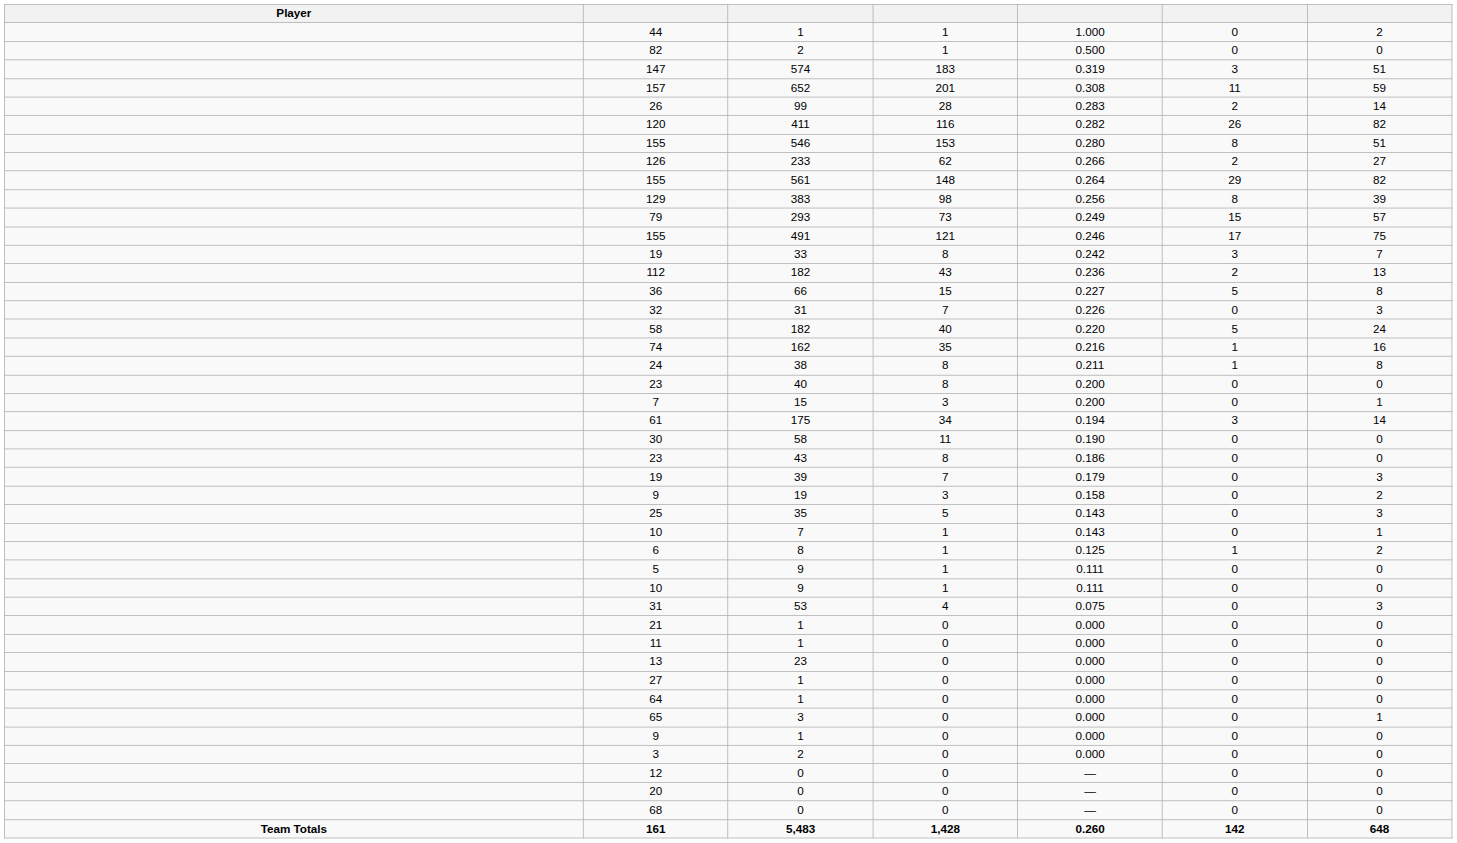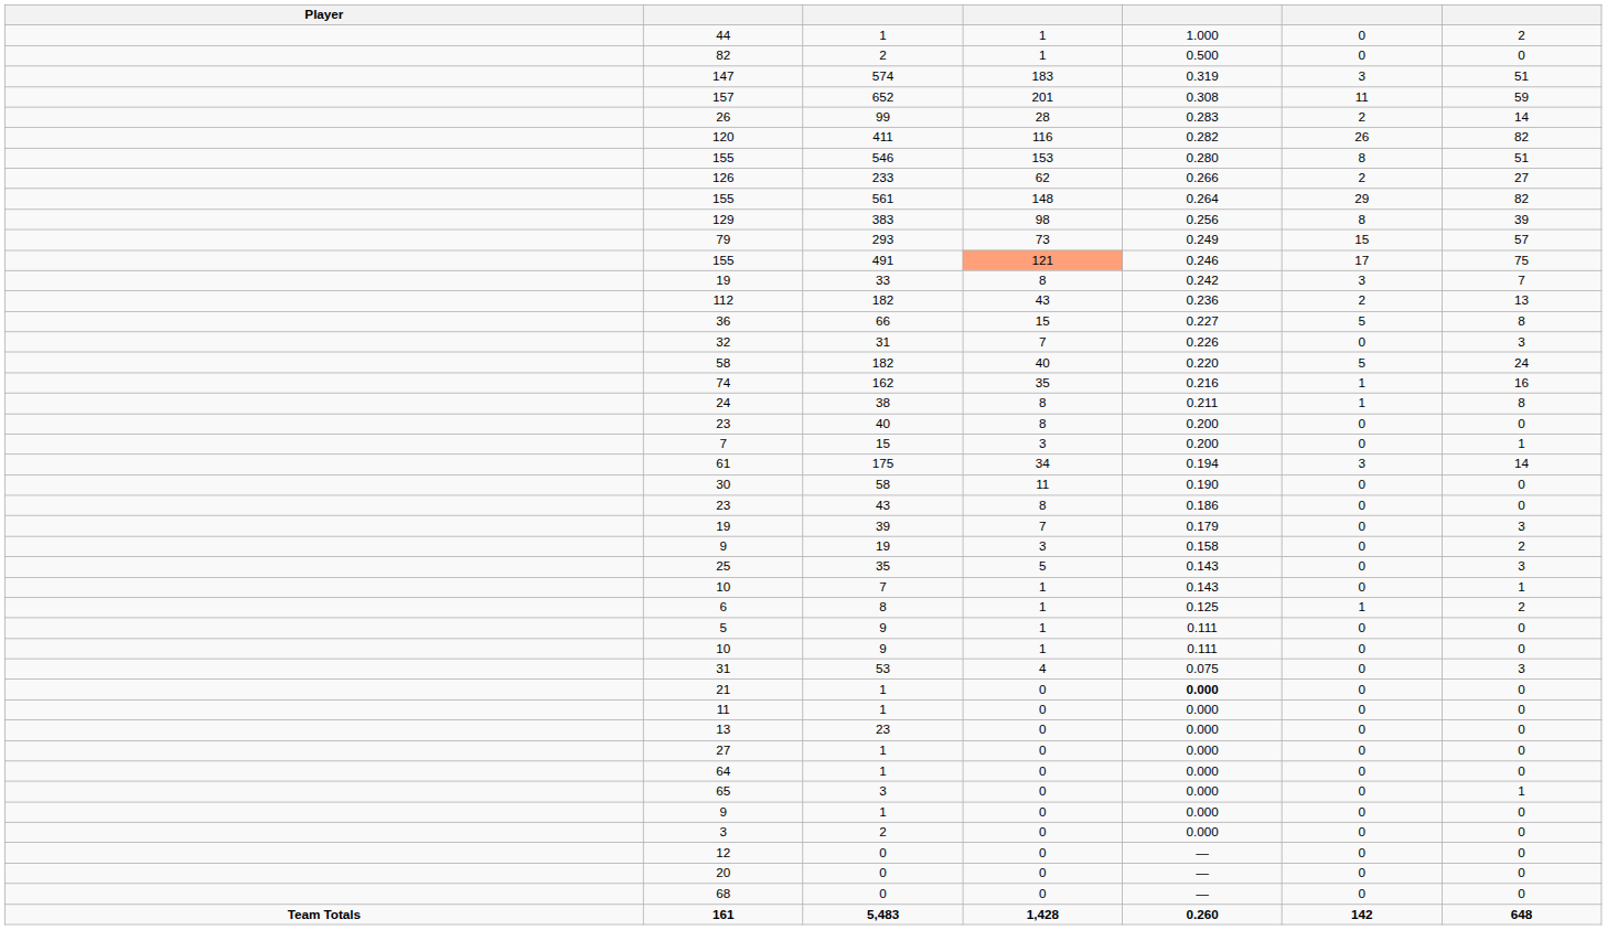 <table class="wikitable sortable" style="text-align:center;" width="100%">
 <tr>
 <th width="40%">Player</th>
 <th width="10%"></th>
 <th width="10%"></th>
 <th width="10%"></th>
 <th width="10%"></th>
 <th width="10%"></th>
 <th width="10%"></th>
 </tr>
 <tr>
 <td></td>
 <td>44</td>
 <td>1</td>
 <td>1</td>
 <td>1.000</td>
 <td>0</td>
 <td>2</td>
 </tr>
 <tr>
 <td></td>
 <td>82</td>
 <td>2</td>
 <td>1</td>
 <td>0.500</td>
 <td>0</td>
 <td>0</td>
 </tr>
 <tr>
 <td></td>
 <td>147</td>
 <td>574</td>
 <td>183</td>
 <td>0.319</td>
 <td>3</td>
 <td>51</td>
 </tr>
 <tr>
 <td></td>
 <td>157</td>
 <td>652</td>
 <td>201</td>
 <td>0.308</td>
 <td>11</td>
 <td>59</td>
 </tr>
 <tr>
 <td></td>
 <td>26</td>
 <td>99</td>
 <td>28</td>
 <td>0.283</td>
 <td>2</td>
 <td>14</td>
 </tr>
 <tr>
 <td></td>
 <td>120</td>
 <td>411</td>
 <td>116</td>
 <td>0.282</td>
 <td>26</td>
 <td>82</td>
 </tr>
 <tr>
 <td></td>
 <td>155</td>
 <td>546</td>
 <td>153</td>
 <td>0.280</td>
 <td>8</td>
 <td>51</td>
 </tr>
 <tr>
 <td></td>
 <td>126</td>
 <td>233</td>
 <td>62</td>
 <td>0.266</td>
 <td>2</td>
 <td>27</td>
 </tr>
 <tr>
 <td></td>
 <td>155</td>
 <td>561</td>
 <td>148</td>
 <td>0.264</td>
 <td>29</td>
 <td>82</td>
 </tr>
 <tr>
 <td></td>
 <td>129</td>
 <td>383</td>
 <td>98</td>
 <td>0.256</td>
 <td>8</td>
 <td>39</td>
 </tr>
 <tr>
 <td></td>
 <td>79</td>
 <td>293</td>
 <td>73</td>
 <td>0.249</td>
 <td>15</td>
 <td>57</td>
 </tr>
 <tr>
 <td></td>
 <td>155</td>
 <td>491</td>
-<td>121</td>
+<td style="background: lightsalmon;">121</td>
 <td>0.246</td>
 <td>17</td>
 <td>75</td>
 </tr>
 <tr>
 <td></td>
 <td>19</td>
 <td>33</td>
 <td>8</td>
 <td>0.242</td>
 <td>3</td>
 <td>7</td>
 </tr>
 <tr>
 <td></td>
 <td>112</td>
 <td>182</td>
 <td>43</td>
 <td>0.236</td>
 <td>2</td>
 <td>13</td>
 </tr>
 <tr>
 <td></td>
 <td>36</td>
 <td>66</td>
 <td>15</td>
 <td>0.227</td>
 <td>5</td>
 <td>8</td>
 </tr>
 <tr>
 <td></td>
 <td>32</td>
 <td>31</td>
 <td>7</td>
 <td>0.226</td>
 <td>0</td>
 <td>3</td>
 </tr>
 <tr>
 <td></td>
 <td>58</td>
 <td>182</td>
 <td>40</td>
 <td>0.220</td>
 <td>5</td>
 <td>24</td>
 </tr>
 <tr>
 <td></td>
 <td>74</td>
 <td>162</td>
 <td>35</td>
 <td>0.216</td>
 <td>1</td>
 <td>16</td>
 </tr>
 <tr>
 <td></td>
 <td>24</td>
 <td>38</td>
 <td>8</td>
 <td>0.211</td>
 <td>1</td>
 <td>8</td>
 </tr>
 <tr>
 <td></td>
 <td>23</td>
 <td>40</td>
 <td>8</td>
 <td>0.200</td>
 <td>0</td>
 <td>0</td>
 </tr>
 <tr>
 <td></td>
 <td>7</td>
 <td>15</td>
 <td>3</td>
 <td>0.200</td>
 <td>0</td>
 <td>1</td>
 </tr>
 <tr>
 <td></td>
 <td>61</td>
 <td>175</td>
 <td>34</td>
 <td>0.194</td>
 <td>3</td>
 <td>14</td>
 </tr>
 <tr>
 <td></td>
 <td>30</td>
 <td>58</td>
 <td>11</td>
 <td>0.190</td>
 <td>0</td>
 <td>0</td>
 </tr>
 <tr>
 <td></td>
 <td>23</td>
 <td>43</td>
 <td>8</td>
 <td>0.186</td>
 <td>0</td>
 <td>0</td>
 </tr>
 <tr>
 <td></td>
 <td>19</td>
 <td>39</td>
 <td>7</td>
 <td>0.179</td>
 <td>0</td>
 <td>3</td>
 </tr>
 <tr>
 <td></td>
 <td>9</td>
 <td>19</td>
 <td>3</td>
 <td>0.158</td>
 <td>0</td>
 <td>2</td>
 </tr>
 <tr>
 <td></td>
 <td>25</td>
 <td>35</td>
 <td>5</td>
 <td>0.143</td>
 <td>0</td>
 <td>3</td>
 </tr>
 <tr>
 <td></td>
 <td>10</td>
 <td>7</td>
 <td>1</td>
 <td>0.143</td>
 <td>0</td>
 <td>1</td>
 </tr>
 <tr>
 <td></td>
 <td>6</td>
 <td>8</td>
 <td>1</td>
 <td>0.125</td>
 <td>1</td>
 <td>2</td>
 </tr>
 <tr>
 <td></td>
 <td>5</td>
 <td>9</td>
 <td>1</td>
 <td>0.111</td>
 <td>0</td>
 <td>0</td>
 </tr>
 <tr>
 <td></td>
 <td>10</td>
 <td>9</td>
 <td>1</td>
 <td>0.111</td>
 <td>0</td>
 <td>0</td>
 </tr>
 <tr>
 <td></td>
 <td>31</td>
 <td>53</td>
 <td>4</td>
 <td>0.075</td>
 <td>0</td>
 <td>3</td>
 </tr>
 <tr>
 <td></td>
 <td>21</td>
 <td>1</td>
 <td>0</td>
-<td>0.000</td>
+<td><strong>0.000</strong></td>
 <td>0</td>
 <td>0</td>
 </tr>
 <tr>
 <td></td>
 <td>11</td>
 <td>1</td>
 <td>0</td>
 <td>0.000</td>
 <td>0</td>
 <td>0</td>
 </tr>
 <tr>
 <td></td>
 <td>13</td>
 <td>23</td>
 <td>0</td>
 <td>0.000</td>
 <td>0</td>
 <td>0</td>
 </tr>
 <tr>
 <td></td>
 <td>27</td>
 <td>1</td>
 <td>0</td>
 <td>0.000</td>
 <td>0</td>
 <td>0</td>
 </tr>
 <tr>
 <td></td>
 <td>64</td>
 <td>1</td>
 <td>0</td>
 <td>0.000</td>
 <td>0</td>
 <td>0</td>
 </tr>
 <tr>
 <td></td>
 <td>65</td>
 <td>3</td>
 <td>0</td>
 <td>0.000</td>
 <td>0</td>
 <td>1</td>
 </tr>
 <tr>
 <td></td>
 <td>9</td>
 <td>1</td>
 <td>0</td>
 <td>0.000</td>
 <td>0</td>
 <td>0</td>
 </tr>
 <tr>
 <td></td>
 <td>3</td>
 <td>2</td>
 <td>0</td>
 <td>0.000</td>
 <td>0</td>
 <td>0</td>
 </tr>
 <tr>
 <td></td>
 <td>12</td>
 <td>0</td>
 <td>0</td>
 <td>—</td>
 <td>0</td>
 <td>0</td>
 </tr>
 <tr>
 <td></td>
 <td>20</td>
 <td>0</td>
 <td>0</td>
 <td>—</td>
 <td>0</td>
 <td>0</td>
 </tr>
 <tr>
 <td></td>
 <td>68</td>
 <td>0</td>
 <td>0</td>
 <td>—</td>
 <td>0</td>
 <td>0</td>
 </tr>
 <tr>
 <td><strong>Team Totals</strong></td>
 <td><strong>161</strong></td>
 <td><strong>5,483</strong></td>
 <td><strong>1,428</strong></td>
 <td><strong>0.260</strong></td>
 <td><strong>142</strong></td>
 <td><strong>648</strong></td>
 </tr>
 </table>
